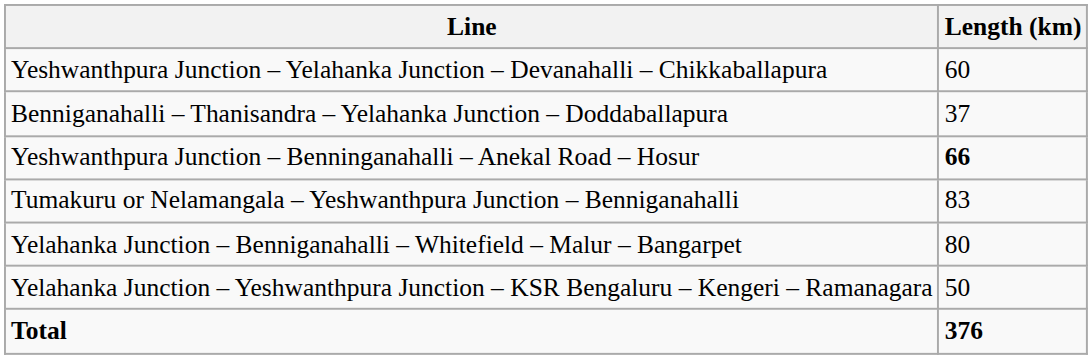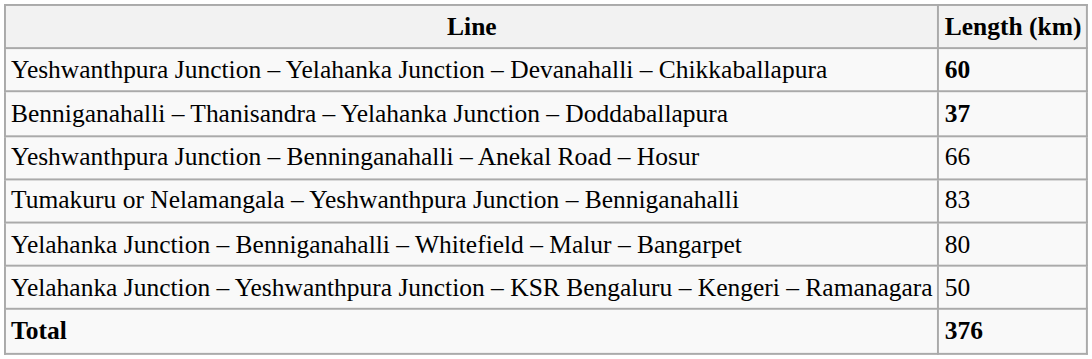 <table class="wikitable" style="font-size:small;">
 <tr>
 <th>Line</th>
 <th>Length (km)</th>
 </tr>
 <tr>
 <td>Yeshwanthpura Junction – Yelahanka Junction – Devanahalli – Chikkaballapura</td>
-<td>60</td>
+<td><strong>60</strong></td>
 </tr>
 <tr>
 <td>Benniganahalli – Thanisandra – Yelahanka Junction – Doddaballapura</td>
-<td>37</td>
+<td><strong>37</strong></td>
 </tr>
 <tr>
 <td>Yeshwanthpura Junction – Benninganahalli – Anekal Road – Hosur</td>
-<td><strong>66</strong></td>
+<td>66</td>
 </tr>
 <tr>
 <td>Tumakuru or Nelamangala – Yeshwanthpura Junction – Benniganahalli</td>
 <td>83</td>
 </tr>
 <tr>
 <td>Yelahanka Junction – Benniganahalli – Whitefield – Malur – Bangarpet</td>
 <td>80</td>
 </tr>
 <tr>
 <td>Yelahanka Junction – Yeshwanthpura Junction – KSR Bengaluru – Kengeri – Ramanagara</td>
 <td>50</td>
 </tr>
 <tr>
 <td><strong>Total</strong></td>
 <td><strong>376</strong></td>
 </tr>
 </table>
